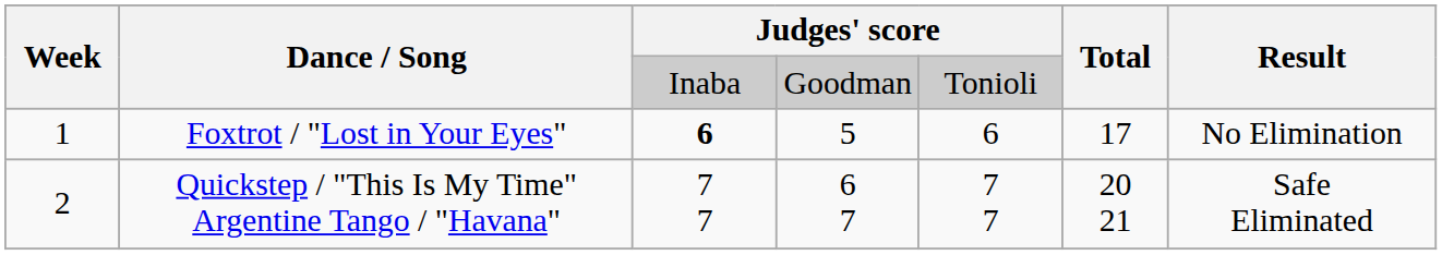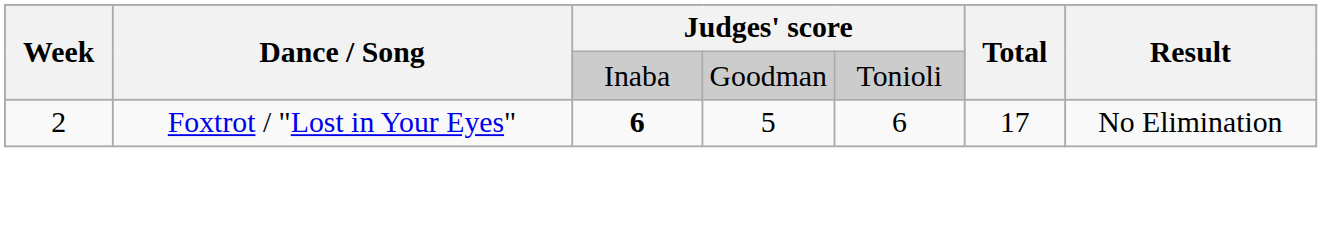 <table class="wikitable" style="text-align:center;">
 <tr style="text-align:center;">
 <th rowspan="2" bgcolor="#CCCCCC" align="Center">Week</th>
 <th rowspan="2" bgcolor="#CCCCCC" align="Center">Dance / Song</th>
 <th colspan="3" bgcolor="#CCCCCC" align="Center">Judges' score</th>
 <th rowspan="2">Total</th>
 <th rowspan="2" bgcolor="#CCCCCC" align="Center">Result</th>
 </tr>
 <tr>
 <td bgcolor="#CCCCCC" width="10%" align="center">Inaba</td>
 <td bgcolor="#CCCCCC" width="10%" align="center">Goodman</td>
 <td bgcolor="#CCCCCC" width="10%" align="center">Tonioli</td>
 </tr>
 <tr>
-<td>1</td>
+<td>2</td>
 <td><a href='#'>Foxtrot</a> / "<a href='#'>Lost in Your Eyes</a>"</td>
 <td><strong>6</strong></td>
 <td>5</td>
 <td>6</td>
 <td>17</td>
 <td>No Elimination</td>
 </tr>
-<tr>
-<td>2</td>
-<td><a href='#'>Quickstep</a> / "This Is My Time"<br><a href='#'>Argentine Tango</a> / "<a href='#'>Havana</a>"</td>
-<td>7<br>7</td>
-<td>6<br>7</td>
-<td>7<br>7</td>
-<td>20<br>21</td>
-<td>Safe<br>Eliminated</td>
-</tr>
 </table>
